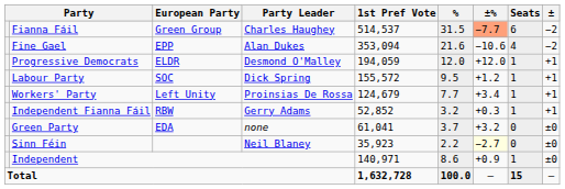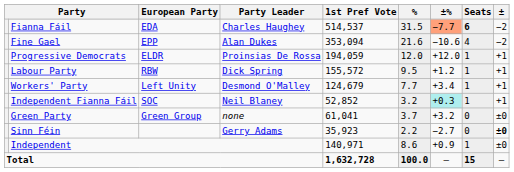 <table class="wikitable">
 <tr style="background-color:#C9C9C9">
 <th colspan=2>Party</th>
 <th>European Party</th>
 <th>Party Leader</th>
 <th>1st Pref Vote</th>
 <th>%</th>
 <th>±%</th>
 <th>Seats</th>
 <th>±</th>
 </tr>
 <tr>
 <th style="background-color: "></th>
 <td><a href='#'>Fianna Fáil</a></td>
-<td><a href='#'>Green Group</a></td>
+<td><a href='#'>EDA</a></td>
 <td><a href='#'>Charles Haughey</a></td>
 <td>514,537</td>
 <td style="background-color:#EEEEEE">31.5</td>
 <td style="background: lightsalmon;">−7.7</td>
-<td style="background-color:#EEEEEE">6</td>
+<td style="background-color:#EEEEEE"><strong>6</strong></td>
 <td>−2</td>
 </tr>
 <tr>
 <th style="background-color: "></th>
 <td><a href='#'>Fine Gael</a></td>
 <td><a href='#'>EPP</a></td>
 <td><a href='#'>Alan Dukes</a></td>
 <td>353,094</td>
 <td style="background-color:#EEEEEE">21.6</td>
 <td>−10.6</td>
 <td style="background-color:#EEEEEE">4</td>
 <td>−2</td>
 </tr>
 <tr>
 <th style="background-color: "></th>
 <td><a href='#'>Progressive Democrats</a></td>
 <td><a href='#'>ELDR</a></td>
-<td><a href='#'>Desmond O'Malley</a></td>
+<td><a href='#'>Proinsias De Rossa</a></td>
 <td>194,059</td>
 <td style="background-color:#EEEEEE">12.0</td>
 <td>+12.0</td>
 <td style="background-color:#EEEEEE">1</td>
 <td>+1</td>
 </tr>
 <tr>
 <th style="background-color: "></th>
 <td><a href='#'>Labour Party</a></td>
-<td><a href='#'>SOC</a></td>
+<td><a href='#'>RBW</a></td>
 <td><a href='#'>Dick Spring</a></td>
 <td>155,572</td>
 <td style="background-color:#EEEEEE">9.5</td>
 <td>+1.2</td>
 <td style="background-color:#EEEEEE">1</td>
 <td>+1</td>
 </tr>
 <tr>
 <th style="background-color: "></th>
 <td><a href='#'>Workers' Party</a></td>
 <td><a href='#'>Left Unity</a></td>
-<td><a href='#'>Proinsias De Rossa</a></td>
+<td><a href='#'>Desmond O'Malley</a></td>
 <td>124,679</td>
 <td style="background-color:#EEEEEE">7.7</td>
 <td>+3.4</td>
 <td style="background-color:#EEEEEE">1</td>
 <td>+1</td>
 </tr>
 <tr>
 <th style="background-color: "></th>
 <td><a href='#'>Independent Fianna Fáil</a></td>
-<td><a href='#'>RBW</a></td>
-<td><a href='#'>Gerry Adams</a></td>
+<td><a href='#'>SOC</a></td>
+<td><a href='#'>Neil Blaney</a></td>
 <td>52,852</td>
 <td style="background-color:#EEEEEE">3.2</td>
-<td>+0.3</td>
+<td style="background: paleturquoise;">+0.3</td>
 <td style="background-color:#EEEEEE">1</td>
 <td>+1</td>
 </tr>
 <tr>
 <th style="background-color: "></th>
 <td><a href='#'>Green Party</a></td>
-<td><a href='#'>EDA</a></td>
+<td><a href='#'>Green Group</a></td>
 <td><em>none</em></td>
 <td>61,041</td>
 <td style="background-color:#EEEEEE">3.7</td>
 <td>+3.2</td>
 <td style="background-color:#EEEEEE">0</td>
 <td>±0</td>
 </tr>
 <tr>
 <th style="background-color: "></th>
 <td><a href='#'>Sinn Féin</a></td>
 <td></td>
-<td><a href='#'>Neil Blaney</a></td>
+<td><a href='#'>Gerry Adams</a></td>
 <td>35,923</td>
 <td style="background-color:#EEEEEE">2.2</td>
-<td style="background: lightyellow;">−2.7</td>
+<td>−2.7</td>
 <td style="background-color:#EEEEEE">0</td>
-<td>±0</td>
+<td><strong>±0</strong></td>
 </tr>
 <tr>
 <th style="background-color: "></th>
 <td colspan=3><a href='#'>Independent</a></td>
 <td>140,971</td>
 <td style="background-color:#EEEEEE">8.6</td>
 <td>+0.9</td>
 <td style="background-color:#EEEEEE">1</td>
 <td>±0</td>
 </tr>
 <tr>
 <td colspan=4><strong>Total</strong></td>
 <td><strong>1,632,728</strong></td>
 <td style="background-color:#EEEEEE"><strong>100.0</strong></td>
 <td align=center>—</td>
 <td style="background-color:#EEEEEE"><strong>15</strong></td>
 <td align=center>—</td>
 </tr>
 </table>
